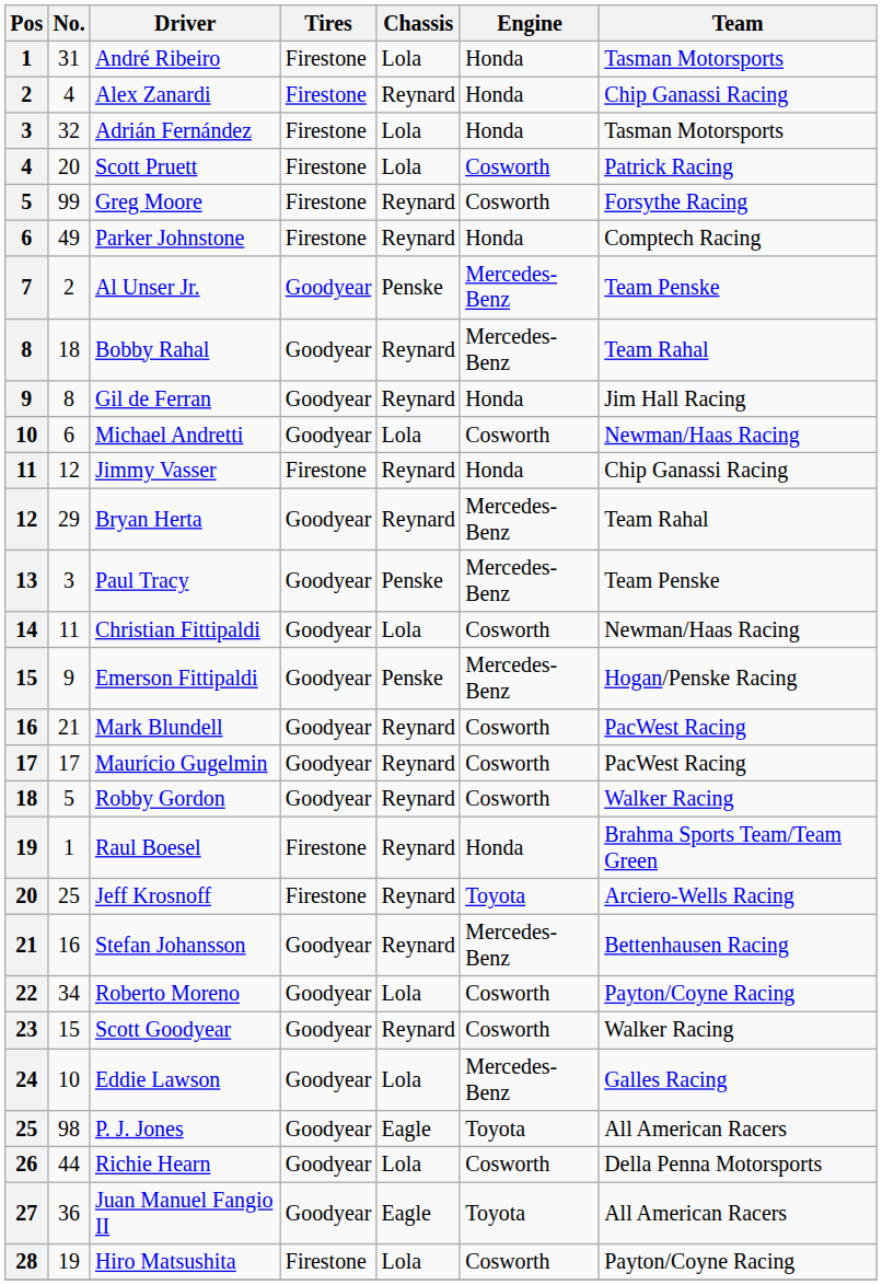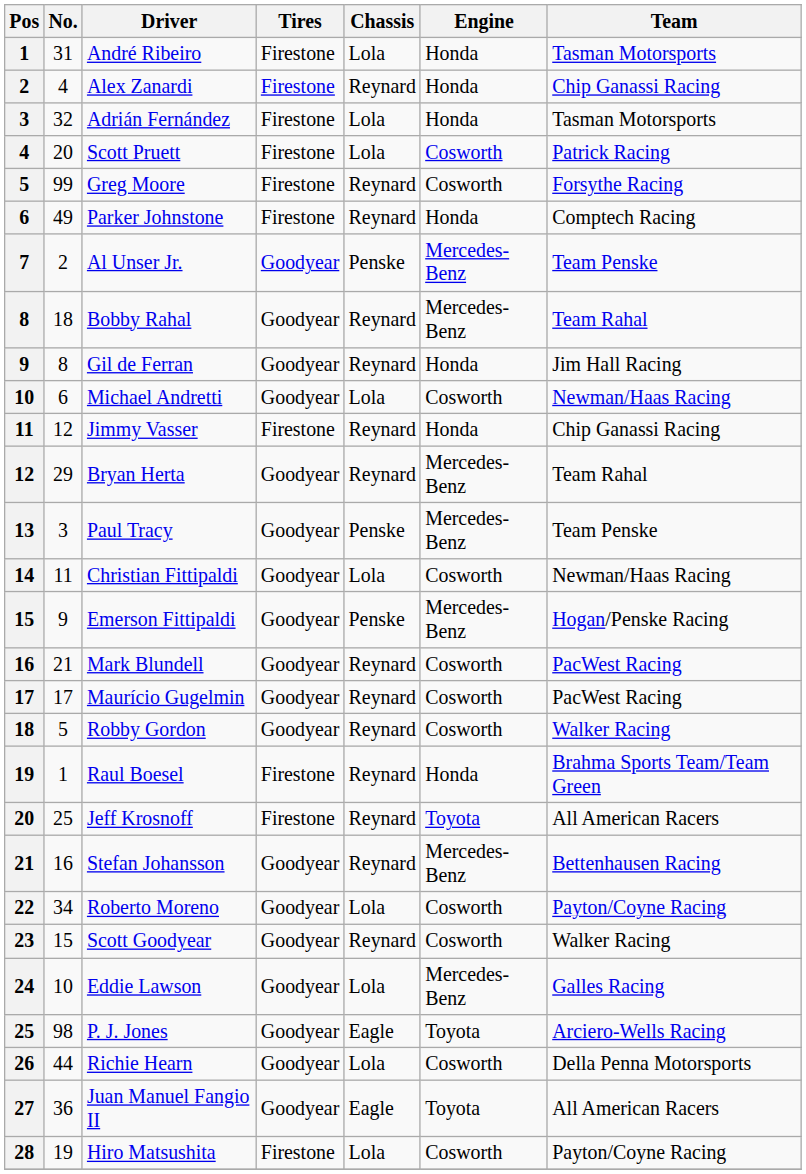 <table class="wikitable" style="font-size:95%">
 <tr>
 <th>Pos</th>
 <th>No.</th>
 <th>Driver</th>
 <th>Tires</th>
 <th>Chassis</th>
 <th>Engine</th>
 <th>Team</th>
 </tr>
 <tr>
 <th>1</th>
 <td align="center">31</td>
 <td> <a href='#'>André Ribeiro</a></td>
 <td>Firestone</td>
 <td>Lola</td>
 <td>Honda</td>
 <td><a href='#'>Tasman Motorsports</a></td>
 </tr>
 <tr>
 <th>2</th>
 <td align="center">4</td>
 <td> <a href='#'>Alex Zanardi</a></td>
 <td><a href='#'>Firestone</a></td>
 <td>Reynard</td>
 <td>Honda</td>
 <td><a href='#'>Chip Ganassi Racing</a></td>
 </tr>
 <tr>
 <th>3</th>
 <td align="center">32</td>
 <td> <a href='#'>Adrián Fernández</a></td>
 <td>Firestone</td>
 <td>Lola</td>
 <td>Honda</td>
 <td>Tasman Motorsports</td>
 </tr>
 <tr>
 <th>4</th>
 <td align="center">20</td>
 <td> <a href='#'>Scott Pruett</a></td>
 <td>Firestone</td>
 <td>Lola</td>
 <td><a href='#'>Cosworth</a></td>
 <td><a href='#'>Patrick Racing</a></td>
 </tr>
 <tr>
 <th>5</th>
 <td align=center>99</td>
 <td> <a href='#'>Greg Moore</a></td>
 <td>Firestone</td>
 <td>Reynard</td>
 <td>Cosworth</td>
 <td><a href='#'>Forsythe Racing</a></td>
 </tr>
 <tr>
 <th>6</th>
 <td align=center>49</td>
 <td> <a href='#'>Parker Johnstone</a></td>
 <td>Firestone</td>
 <td>Reynard</td>
 <td>Honda</td>
 <td>Comptech Racing</td>
 </tr>
 <tr>
 <th>7</th>
 <td align=center>2</td>
 <td> <a href='#'>Al Unser Jr.</a></td>
 <td><a href='#'>Goodyear</a></td>
 <td>Penske</td>
 <td><a href='#'>Mercedes-Benz</a></td>
 <td><a href='#'>Team Penske</a></td>
 </tr>
 <tr>
 <th>8</th>
 <td align=center>18</td>
 <td> <a href='#'>Bobby Rahal</a></td>
 <td>Goodyear</td>
 <td>Reynard</td>
 <td>Mercedes-Benz</td>
 <td><a href='#'>Team Rahal</a></td>
 </tr>
 <tr>
 <th>9</th>
 <td align=center>8</td>
 <td> <a href='#'>Gil de Ferran</a></td>
 <td>Goodyear</td>
 <td>Reynard</td>
 <td>Honda</td>
 <td>Jim Hall Racing</td>
 </tr>
 <tr>
 <th>10</th>
 <td align=center>6</td>
 <td> <a href='#'>Michael Andretti</a></td>
 <td>Goodyear</td>
 <td>Lola</td>
 <td>Cosworth</td>
 <td><a href='#'>Newman/Haas Racing</a></td>
 </tr>
 <tr>
 <th>11</th>
 <td align=center>12</td>
 <td> <a href='#'>Jimmy Vasser</a></td>
 <td>Firestone</td>
 <td>Reynard</td>
 <td>Honda</td>
 <td>Chip Ganassi Racing</td>
 </tr>
 <tr>
 <th>12</th>
 <td align=center>29</td>
 <td> <a href='#'>Bryan Herta</a></td>
 <td>Goodyear</td>
 <td>Reynard</td>
 <td>Mercedes-Benz</td>
 <td>Team Rahal</td>
 </tr>
 <tr>
 <th>13</th>
 <td align=center>3</td>
 <td> <a href='#'>Paul Tracy</a></td>
 <td>Goodyear</td>
 <td>Penske</td>
 <td>Mercedes-Benz</td>
 <td>Team Penske</td>
 </tr>
 <tr>
 <th>14</th>
 <td align=center>11</td>
 <td> <a href='#'>Christian Fittipaldi</a></td>
 <td>Goodyear</td>
 <td>Lola</td>
 <td>Cosworth</td>
 <td>Newman/Haas Racing</td>
 </tr>
 <tr>
 <th>15</th>
 <td align=center>9</td>
 <td> <a href='#'>Emerson Fittipaldi</a></td>
 <td>Goodyear</td>
 <td>Penske</td>
 <td>Mercedes-Benz</td>
 <td><a href='#'>Hogan</a>/Penske Racing</td>
 </tr>
 <tr>
 <th>16</th>
 <td align=center>21</td>
 <td> <a href='#'>Mark Blundell</a></td>
 <td>Goodyear</td>
 <td>Reynard</td>
 <td>Cosworth</td>
 <td><a href='#'>PacWest Racing</a></td>
 </tr>
 <tr>
 <th>17</th>
 <td align=center>17</td>
 <td> <a href='#'>Maurício Gugelmin</a></td>
 <td>Goodyear</td>
 <td>Reynard</td>
 <td>Cosworth</td>
 <td>PacWest Racing</td>
 </tr>
 <tr>
 <th>18</th>
 <td align=center>5</td>
 <td> <a href='#'>Robby Gordon</a></td>
 <td>Goodyear</td>
 <td>Reynard</td>
 <td>Cosworth</td>
 <td><a href='#'>Walker Racing</a></td>
 </tr>
 <tr>
 <th>19</th>
 <td align=center>1</td>
 <td> <a href='#'>Raul Boesel</a></td>
 <td>Firestone</td>
 <td>Reynard</td>
 <td>Honda</td>
 <td><a href='#'>Brahma Sports Team/Team Green</a></td>
 </tr>
 <tr>
 <th>20</th>
 <td align=center>25</td>
 <td> <a href='#'>Jeff Krosnoff</a></td>
 <td>Firestone</td>
 <td>Reynard</td>
 <td><a href='#'>Toyota</a></td>
-<td><a href='#'>Arciero-Wells Racing</a></td>
+<td>All American Racers</td>
 </tr>
 <tr>
 <th>21</th>
 <td align=center>16</td>
 <td> <a href='#'>Stefan Johansson</a></td>
 <td>Goodyear</td>
 <td>Reynard</td>
 <td>Mercedes-Benz</td>
 <td><a href='#'>Bettenhausen Racing</a></td>
 </tr>
 <tr>
 <th>22</th>
 <td align=center>34</td>
 <td> <a href='#'>Roberto Moreno</a></td>
 <td>Goodyear</td>
 <td>Lola</td>
 <td>Cosworth</td>
 <td><a href='#'>Payton/Coyne Racing</a></td>
 </tr>
 <tr>
 <th>23</th>
 <td align=center>15</td>
 <td> <a href='#'>Scott Goodyear</a></td>
 <td>Goodyear</td>
 <td>Reynard</td>
 <td>Cosworth</td>
 <td>Walker Racing</td>
 </tr>
 <tr>
 <th>24</th>
 <td align=center>10</td>
 <td> <a href='#'>Eddie Lawson</a></td>
 <td>Goodyear</td>
 <td>Lola</td>
 <td>Mercedes-Benz</td>
 <td><a href='#'>Galles Racing</a></td>
 </tr>
 <tr>
 <th>25</th>
 <td align=center>98</td>
 <td> <a href='#'>P. J. Jones</a></td>
 <td>Goodyear</td>
 <td>Eagle</td>
 <td>Toyota</td>
-<td>All American Racers</td>
+<td><a href='#'>Arciero-Wells Racing</a></td>
 </tr>
 <tr>
 <th>26</th>
 <td align=center>44</td>
 <td> <a href='#'>Richie Hearn</a></td>
 <td>Goodyear</td>
 <td>Lola</td>
 <td>Cosworth</td>
 <td>Della Penna Motorsports</td>
 </tr>
 <tr>
 <th>27</th>
 <td align=center>36</td>
 <td> <a href='#'>Juan Manuel Fangio II</a></td>
 <td>Goodyear</td>
 <td>Eagle</td>
 <td>Toyota</td>
 <td>All American Racers</td>
 </tr>
 <tr>
 <th>28</th>
 <td align=center>19</td>
 <td> <a href='#'>Hiro Matsushita</a></td>
 <td>Firestone</td>
 <td>Lola</td>
 <td>Cosworth</td>
 <td>Payton/Coyne Racing</td>
 </tr>
 <tr>
 </tr>
 </table>
